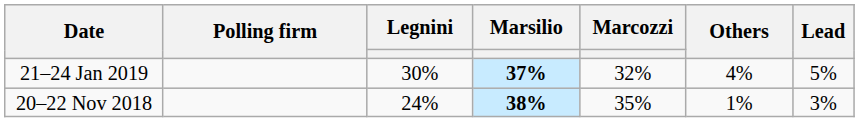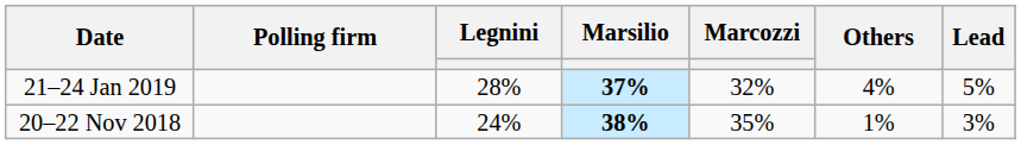 <table class=wikitable style="text-align:center;font-size:85%;line-height:13px">
 <tr style="height:30px; background-color:#E9E9E9">
 <th style="width:100px;" rowspan="2">Date</th>
 <th style="width:130px;" rowspan="2">Polling firm</th>
 <th style="width:65px;">Legnini</th>
 <th style="width:65px;">Marsilio</th>
 <th style="width:65px;">Marcozzi</th>
 <th style="width:65px;" rowspan="2">Others</th>
 <th style="width:35px;" rowspan="2">Lead</th>
 </tr>
 <tr>
 <th style="background:"></th>
 <th style="background:"></th>
 <th style="background:"></th>
 </tr>
 <tr>
 <td>21–24 Jan 2019</td>
 <td></td>
-<td>30%</td>
+<td>28%</td>
 <td style="background:#C8EBFF"><strong>37%</strong></td>
 <td>32%</td>
 <td>4%</td>
 <td style="background:">5%</td>
 </tr>
 <tr>
 <td>20–22 Nov 2018</td>
 <td></td>
 <td>24%</td>
 <td style="background:#C8EBFF"><strong>38%</strong></td>
 <td>35%</td>
 <td>1%</td>
 <td style="background:">3%</td>
 </tr>
 </table>
